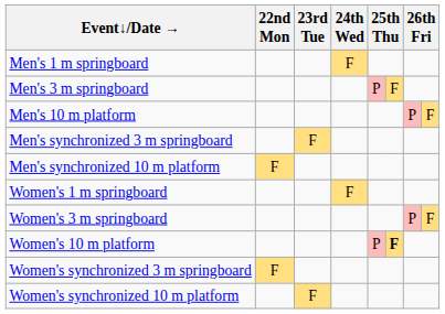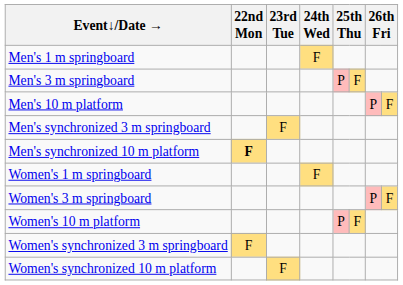 <table class="wikitable" style="margin:0.5em auto; font-size:90%; line-height:1.25em; text-align:center;">
 <tr>
 <th>Event↓/Date →</th>
 <th>22nd<br>Mon</th>
 <th>23rd<br>Tue</th>
 <th>24th<br>Wed</th>
 <th colspan=2>25th<br>Thu</th>
 <th colspan=2>26th<br>Fri</th>
 </tr>
 <tr>
 <td align="left"><a href='#'>Men's 1 m springboard</a></td>
 <td></td>
 <td></td>
 <td bgcolor="#FFDF80">F</td>
 <td colspan=2></td>
 <td colspan=2></td>
 </tr>
 <tr>
 <td align="left"><a href='#'>Men's 3 m springboard</a></td>
 <td></td>
 <td></td>
 <td></td>
 <td bgcolor="#FFBBBB">P</td>
 <td bgcolor="#FFDF80">F</td>
 <td colspan=2></td>
 </tr>
 <tr>
 <td align="left"><a href='#'>Men's 10 m platform</a></td>
 <td></td>
 <td></td>
 <td></td>
 <td colspan=2></td>
 <td bgcolor="#FFBBBB">P</td>
 <td bgcolor="#FFDF80">F</td>
 </tr>
 <tr>
 <td align="left"><a href='#'>Men's synchronized 3 m springboard</a></td>
 <td></td>
 <td bgcolor="#FFDF80">F</td>
 <td></td>
 <td colspan=2></td>
 <td colspan=2></td>
 </tr>
 <tr>
 <td align="left"><a href='#'>Men's synchronized 10 m platform</a></td>
-<td bgcolor="#FFDF80">F</td>
+<td bgcolor="#FFDF80"><strong>F</strong></td>
 <td></td>
 <td></td>
 <td colspan=2></td>
 <td colspan=2></td>
 </tr>
 <tr>
 <td align="left"><a href='#'>Women's 1 m springboard</a></td>
 <td></td>
 <td></td>
 <td bgcolor="#FFDF80">F</td>
 <td colspan=2></td>
 <td colspan=2></td>
 </tr>
 <tr>
 <td align="left"><a href='#'>Women's 3 m springboard</a></td>
 <td></td>
 <td></td>
 <td></td>
 <td colspan=2></td>
 <td bgcolor="#FFBBBB">P</td>
 <td bgcolor="#FFDF80">F</td>
 </tr>
 <tr>
 <td align="left"><a href='#'>Women's 10 m platform</a></td>
 <td></td>
 <td></td>
 <td></td>
 <td bgcolor="#FFBBBB">P</td>
-<td bgcolor="#FFDF80"><strong>F</strong></td>
+<td bgcolor="#FFDF80">F</td>
 <td colspan=2></td>
 </tr>
 <tr>
 <td align="left"><a href='#'>Women's synchronized 3 m springboard</a></td>
 <td bgcolor="#FFDF80">F</td>
 <td></td>
 <td></td>
 <td colspan=2></td>
 <td colspan=2></td>
 </tr>
 <tr>
 <td align="left"><a href='#'>Women's synchronized 10 m platform</a></td>
 <td></td>
 <td bgcolor="#FFDF80">F</td>
 <td></td>
 <td colspan=2></td>
 <td colspan=2></td>
 </tr>
 </table>
